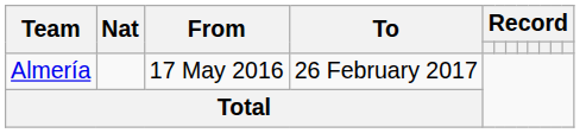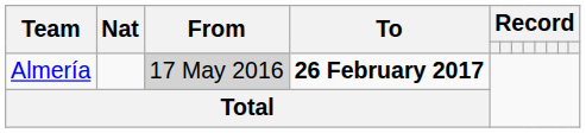 <table class="wikitable" style="text-align: center">
 <tr>
 <th rowspan="2">Team</th>
 <th rowspan="2">Nat</th>
 <th rowspan="2">From</th>
 <th rowspan="2">To</th>
 <th colspan="8">Record</th>
 </tr>
 <tr>
 <th></th>
 <th></th>
 <th></th>
 <th></th>
 <th></th>
 <th></th>
 <th></th>
 <th></th>
 </tr>
 <tr>
 <td align=left><a href='#'>Almería</a></td>
 <td></td>
-<td align=left>17 May 2016</td>
-<td align=left>26 February 2017<br></td>
+<td align=left style="background: lightgrey;">17 May 2016</td>
+<td align=left><strong>26 February 2017<br></strong></td>
 </tr>
 <tr>
 <th colspan=4>Total<br></th>
 </tr>
 </table>
